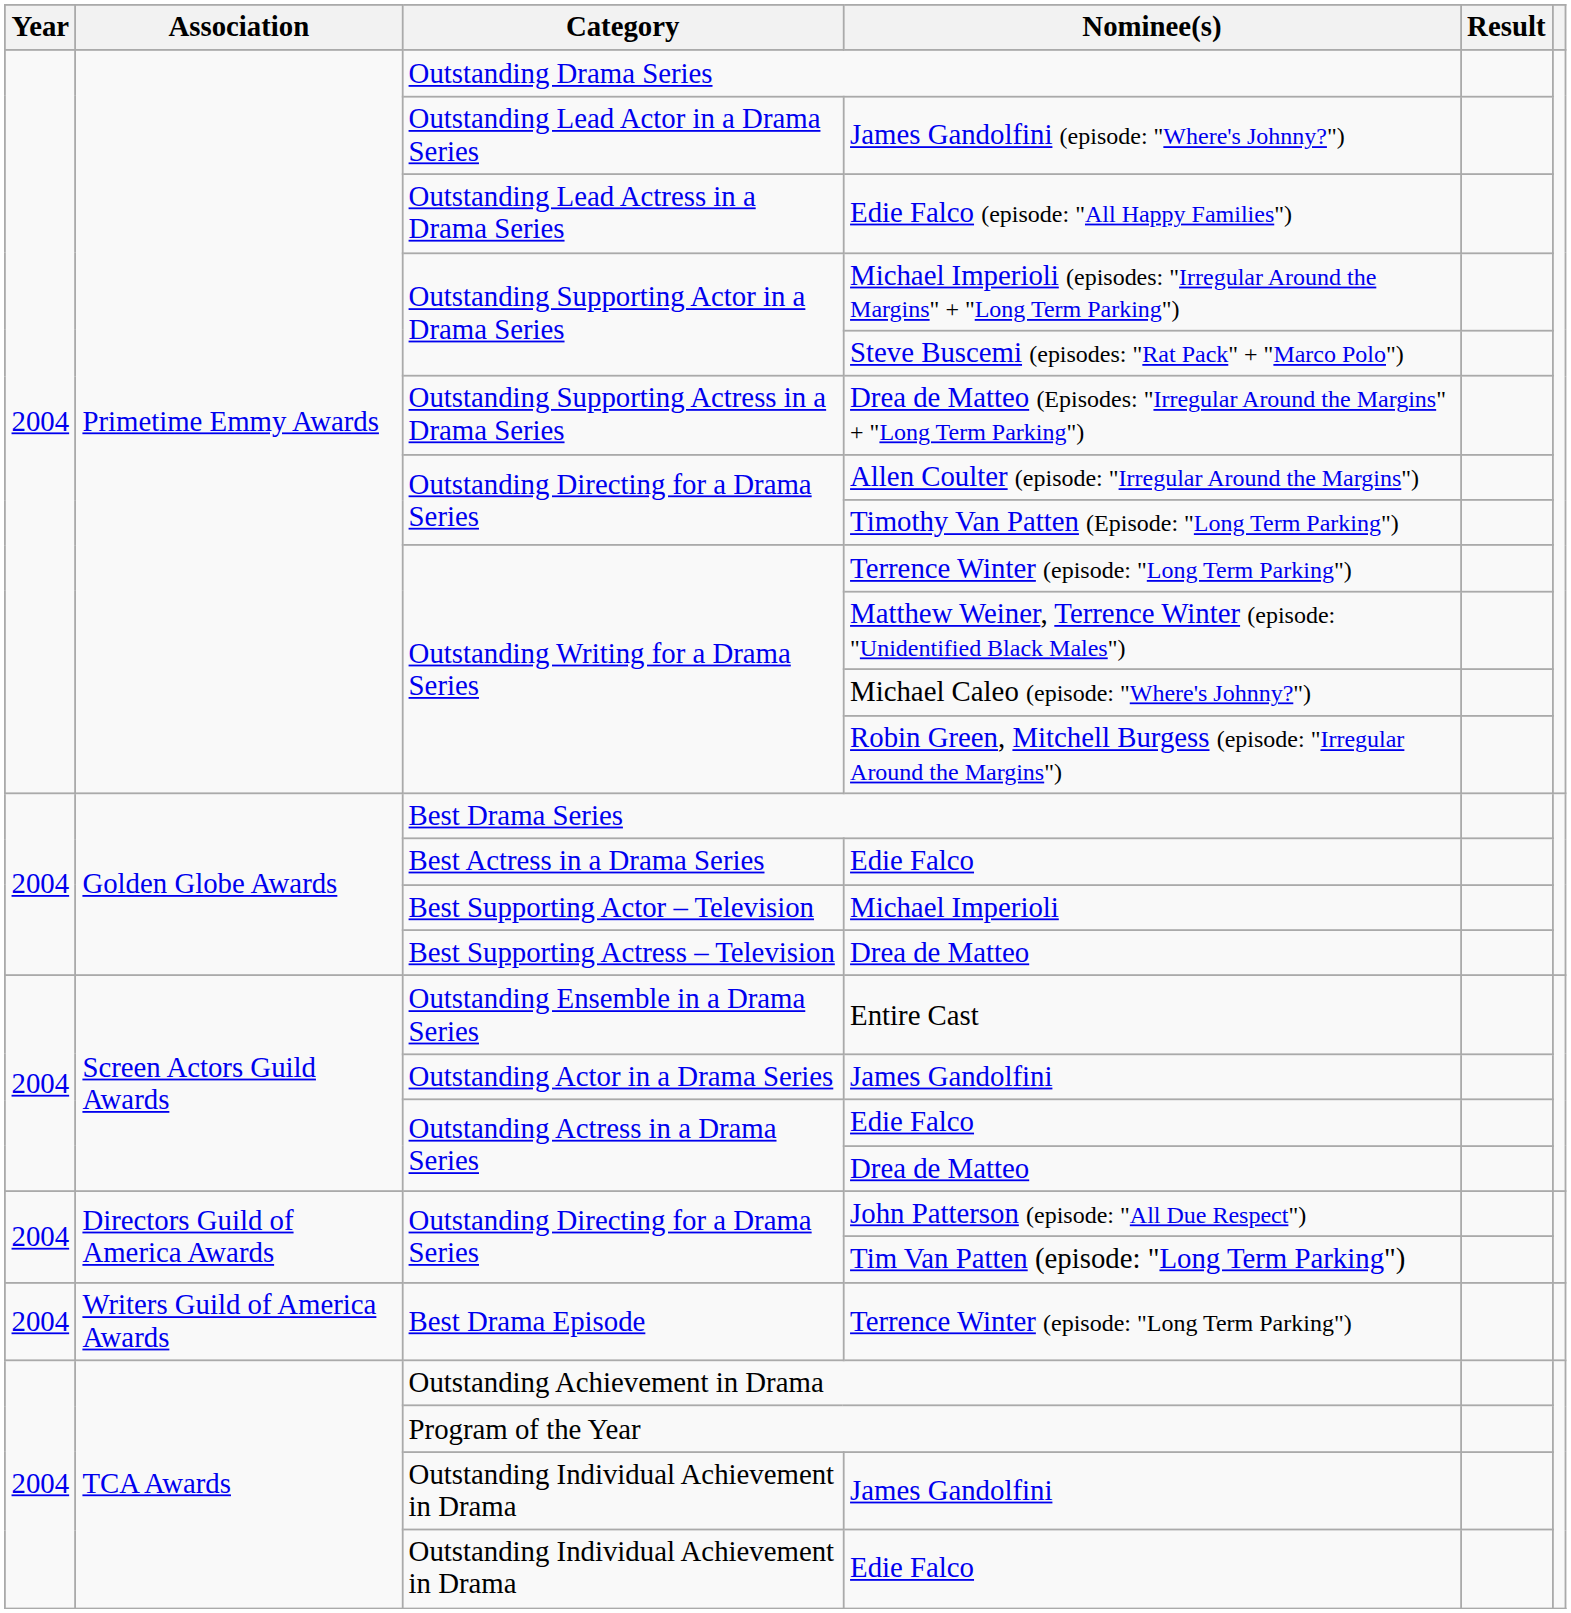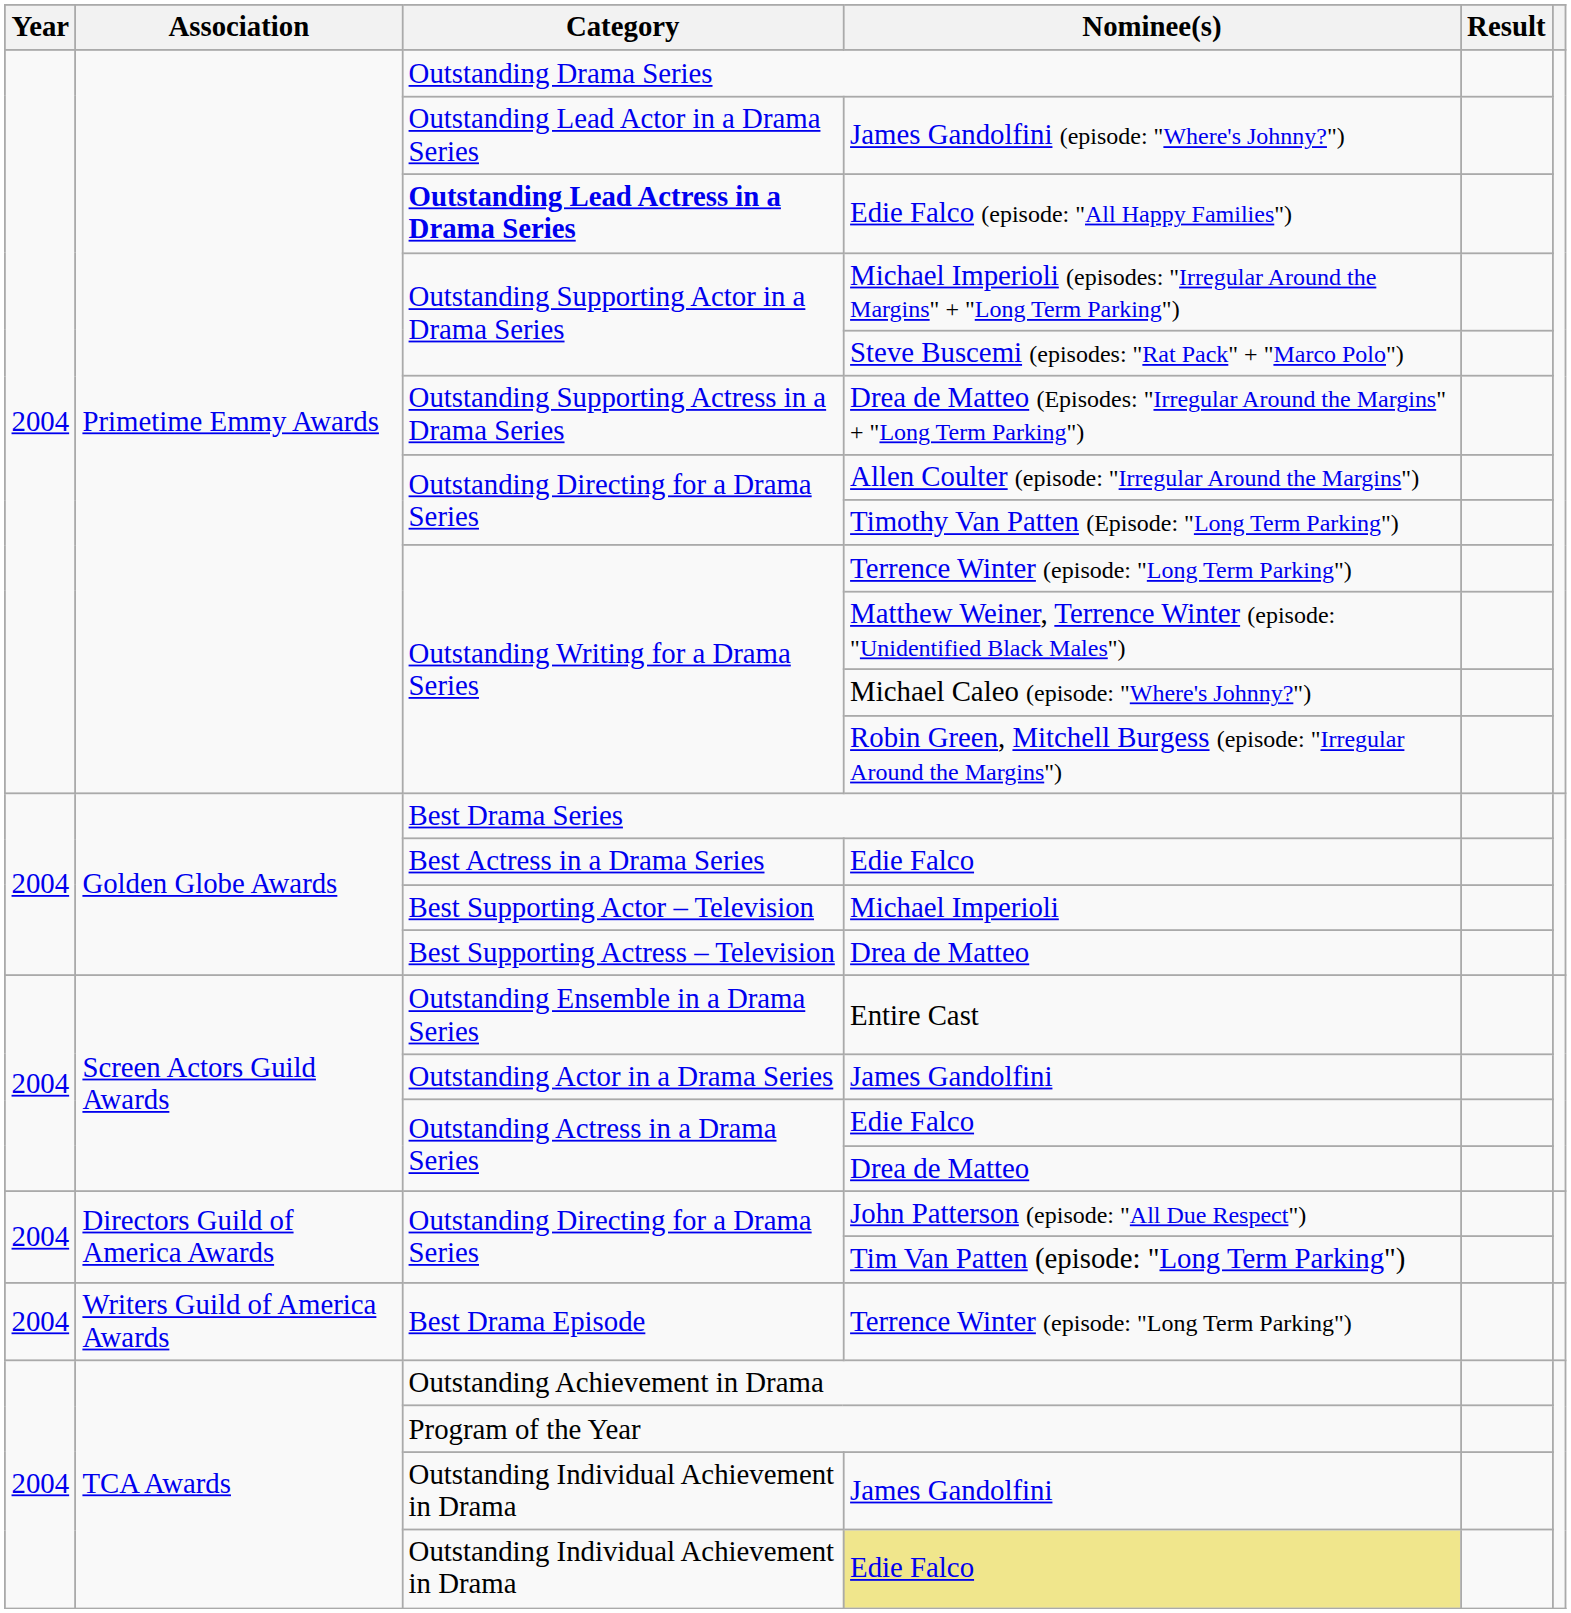 <table class="wikitable sortable">
 <tr>
 <th>Year</th>
 <th>Association</th>
 <th>Category</th>
 <th>Nominee(s)</th>
 <th>Result</th>
 <th class=unsortable></th>
 </tr>
 <tr>
 <td rowspan=12><a href='#'>2004</a></td>
 <td rowspan=12><a href='#'>Primetime Emmy Awards</a></td>
 <td colspan=2><a href='#'>Outstanding Drama Series</a></td>
 <td></td>
 <td rowspan=12></td>
 </tr>
 <tr>
 <td><a href='#'>Outstanding Lead Actor in a Drama Series</a></td>
 <td><a href='#'>James Gandolfini</a> <small> (episode: "<a href='#'>Where's Johnny?</a>") </small></td>
 <td></td>
 </tr>
 <tr>
-<td><a href='#'>Outstanding Lead Actress in a Drama Series</a></td>
+<td><strong><a href='#'>Outstanding Lead Actress in a Drama Series</a></strong></td>
 <td><a href='#'>Edie Falco</a> <small> (episode: "<a href='#'>All Happy Families</a>") </small></td>
 <td></td>
 </tr>
 <tr>
 <td rowspan=2><a href='#'>Outstanding Supporting Actor in a Drama Series</a></td>
 <td><a href='#'>Michael Imperioli</a> <small> (episodes: "<a href='#'>Irregular Around the Margins</a>" + "<a href='#'>Long Term Parking</a>") </small></td>
 <td></td>
 </tr>
 <tr>
 <td><a href='#'>Steve Buscemi</a> <small> (episodes: "<a href='#'>Rat Pack</a>" + "<a href='#'>Marco Polo</a>") </small></td>
 <td></td>
 </tr>
 <tr>
 <td><a href='#'>Outstanding Supporting Actress in a Drama Series</a></td>
 <td><a href='#'>Drea de Matteo</a> <small> (Episodes: "<a href='#'>Irregular Around the Margins</a>" + "<a href='#'>Long Term Parking</a>") </small></td>
 <td></td>
 </tr>
 <tr>
 <td rowspan=2><a href='#'>Outstanding Directing for a Drama Series</a></td>
 <td><a href='#'>Allen Coulter</a> <small> (episode: "<a href='#'>Irregular Around the Margins</a>") </small></td>
 <td></td>
 </tr>
 <tr>
 <td><a href='#'>Timothy Van Patten</a> <small> (Episode: "<a href='#'>Long Term Parking</a>") </small></td>
 <td></td>
 </tr>
 <tr>
 <td rowspan=4><a href='#'>Outstanding Writing for a Drama Series</a></td>
 <td><a href='#'>Terrence Winter</a> <small> (episode: "<a href='#'>Long Term Parking</a>") </small></td>
 <td></td>
 </tr>
 <tr>
 <td><a href='#'>Matthew Weiner</a>, <a href='#'>Terrence Winter</a> <small> (episode: "<a href='#'>Unidentified Black Males</a>") </small></td>
 <td></td>
 </tr>
 <tr>
 <td>Michael Caleo <small> (episode: "<a href='#'>Where's Johnny?</a>") </small></td>
 <td></td>
 </tr>
 <tr>
 <td><a href='#'>Robin Green</a>, <a href='#'>Mitchell Burgess</a> <small> (episode: "<a href='#'>Irregular Around the Margins</a>") </small></td>
 <td></td>
 </tr>
 <tr>
 <td rowspan=4><a href='#'>2004</a></td>
 <td rowspan=4><a href='#'>Golden Globe Awards</a></td>
 <td colspan=2><a href='#'>Best Drama Series</a></td>
 <td></td>
 <td rowspan=4></td>
 </tr>
 <tr>
 <td><a href='#'>Best Actress in a Drama Series</a></td>
 <td><a href='#'>Edie Falco</a></td>
 <td></td>
 </tr>
 <tr>
 <td><a href='#'>Best Supporting Actor – Television</a></td>
 <td><a href='#'>Michael Imperioli</a></td>
 <td></td>
 </tr>
 <tr>
 <td><a href='#'>Best Supporting Actress – Television</a></td>
 <td><a href='#'>Drea de Matteo</a></td>
 <td></td>
 </tr>
 <tr>
 <td rowspan=4><a href='#'>2004</a></td>
 <td rowspan=4><a href='#'>Screen Actors Guild Awards</a></td>
 <td><a href='#'>Outstanding Ensemble in a Drama Series</a></td>
 <td>Entire Cast</td>
 <td></td>
 <td rowspan=4></td>
 </tr>
 <tr>
 <td><a href='#'>Outstanding Actor in a Drama Series</a></td>
 <td><a href='#'>James Gandolfini</a></td>
 <td></td>
 </tr>
 <tr>
 <td rowspan=2><a href='#'>Outstanding Actress in a Drama Series</a></td>
 <td><a href='#'>Edie Falco</a></td>
 <td></td>
 </tr>
 <tr>
 <td><a href='#'>Drea de Matteo</a></td>
 <td></td>
 </tr>
 <tr>
 <td rowspan=2><a href='#'>2004</a></td>
 <td rowspan=2><a href='#'>Directors Guild of America Awards</a></td>
 <td rowspan=2><a href='#'>Outstanding Directing for a Drama Series</a></td>
 <td><a href='#'>John Patterson</a> <small> (episode: "<a href='#'>All Due Respect</a>") </small></td>
 <td></td>
 <td rowspan=2></td>
 </tr>
 <tr>
 <td><a href='#'>Tim Van Patten</a> (episode: "<a href='#'>Long Term Parking</a>")</td>
 <td></td>
 </tr>
 <tr>
 <td><a href='#'>2004</a></td>
 <td><a href='#'>Writers Guild of America Awards</a></td>
 <td><a href='#'>Best Drama Episode</a></td>
 <td><a href='#'>Terrence Winter</a> <small> (episode: "Long Term Parking") </small></td>
 <td></td>
 </tr>
 <tr>
 <td rowspan=4><a href='#'>2004</a></td>
 <td rowspan=4><a href='#'>TCA Awards</a></td>
 <td colspan=2>Outstanding Achievement in Drama</td>
 <td></td>
 <td rowspan=4></td>
 </tr>
 <tr>
 <td colspan=2>Program of the Year</td>
 <td></td>
 </tr>
 <tr>
 <td>Outstanding Individual Achievement in Drama</td>
 <td><a href='#'>James Gandolfini</a></td>
 <td></td>
 </tr>
 <tr>
 <td>Outstanding Individual Achievement in Drama</td>
-<td><a href='#'>Edie Falco</a></td>
+<td style="background: khaki;"><a href='#'>Edie Falco</a></td>
 <td></td>
 </tr>
 <tr>
 </tr>
 </table>
